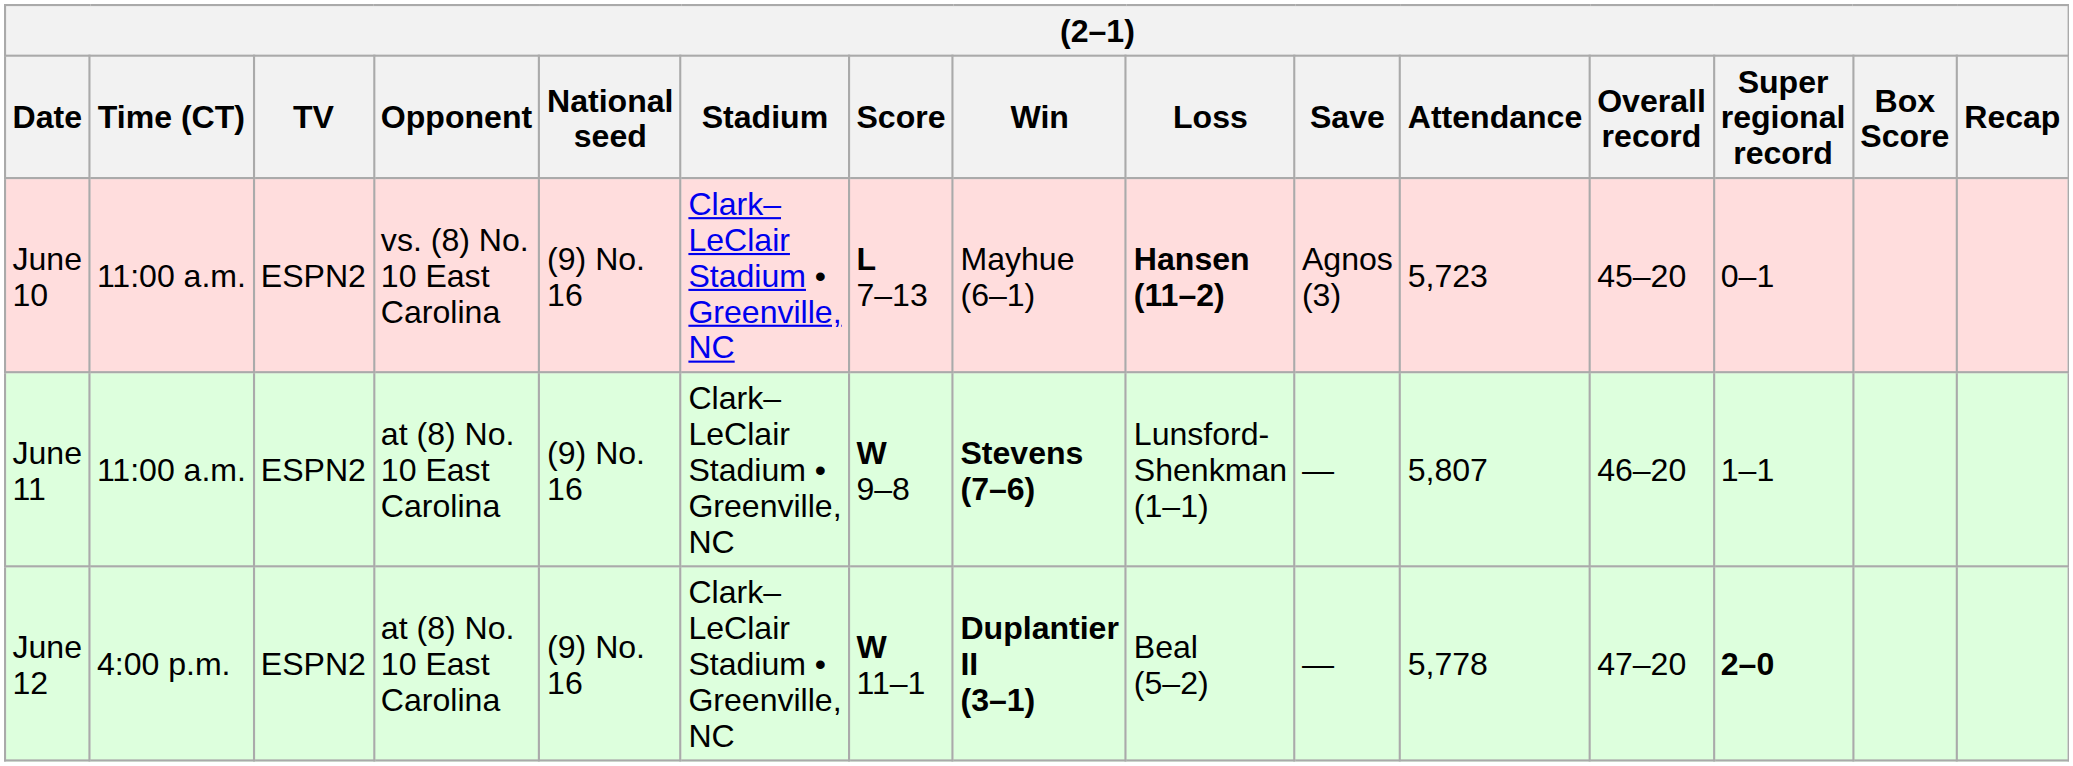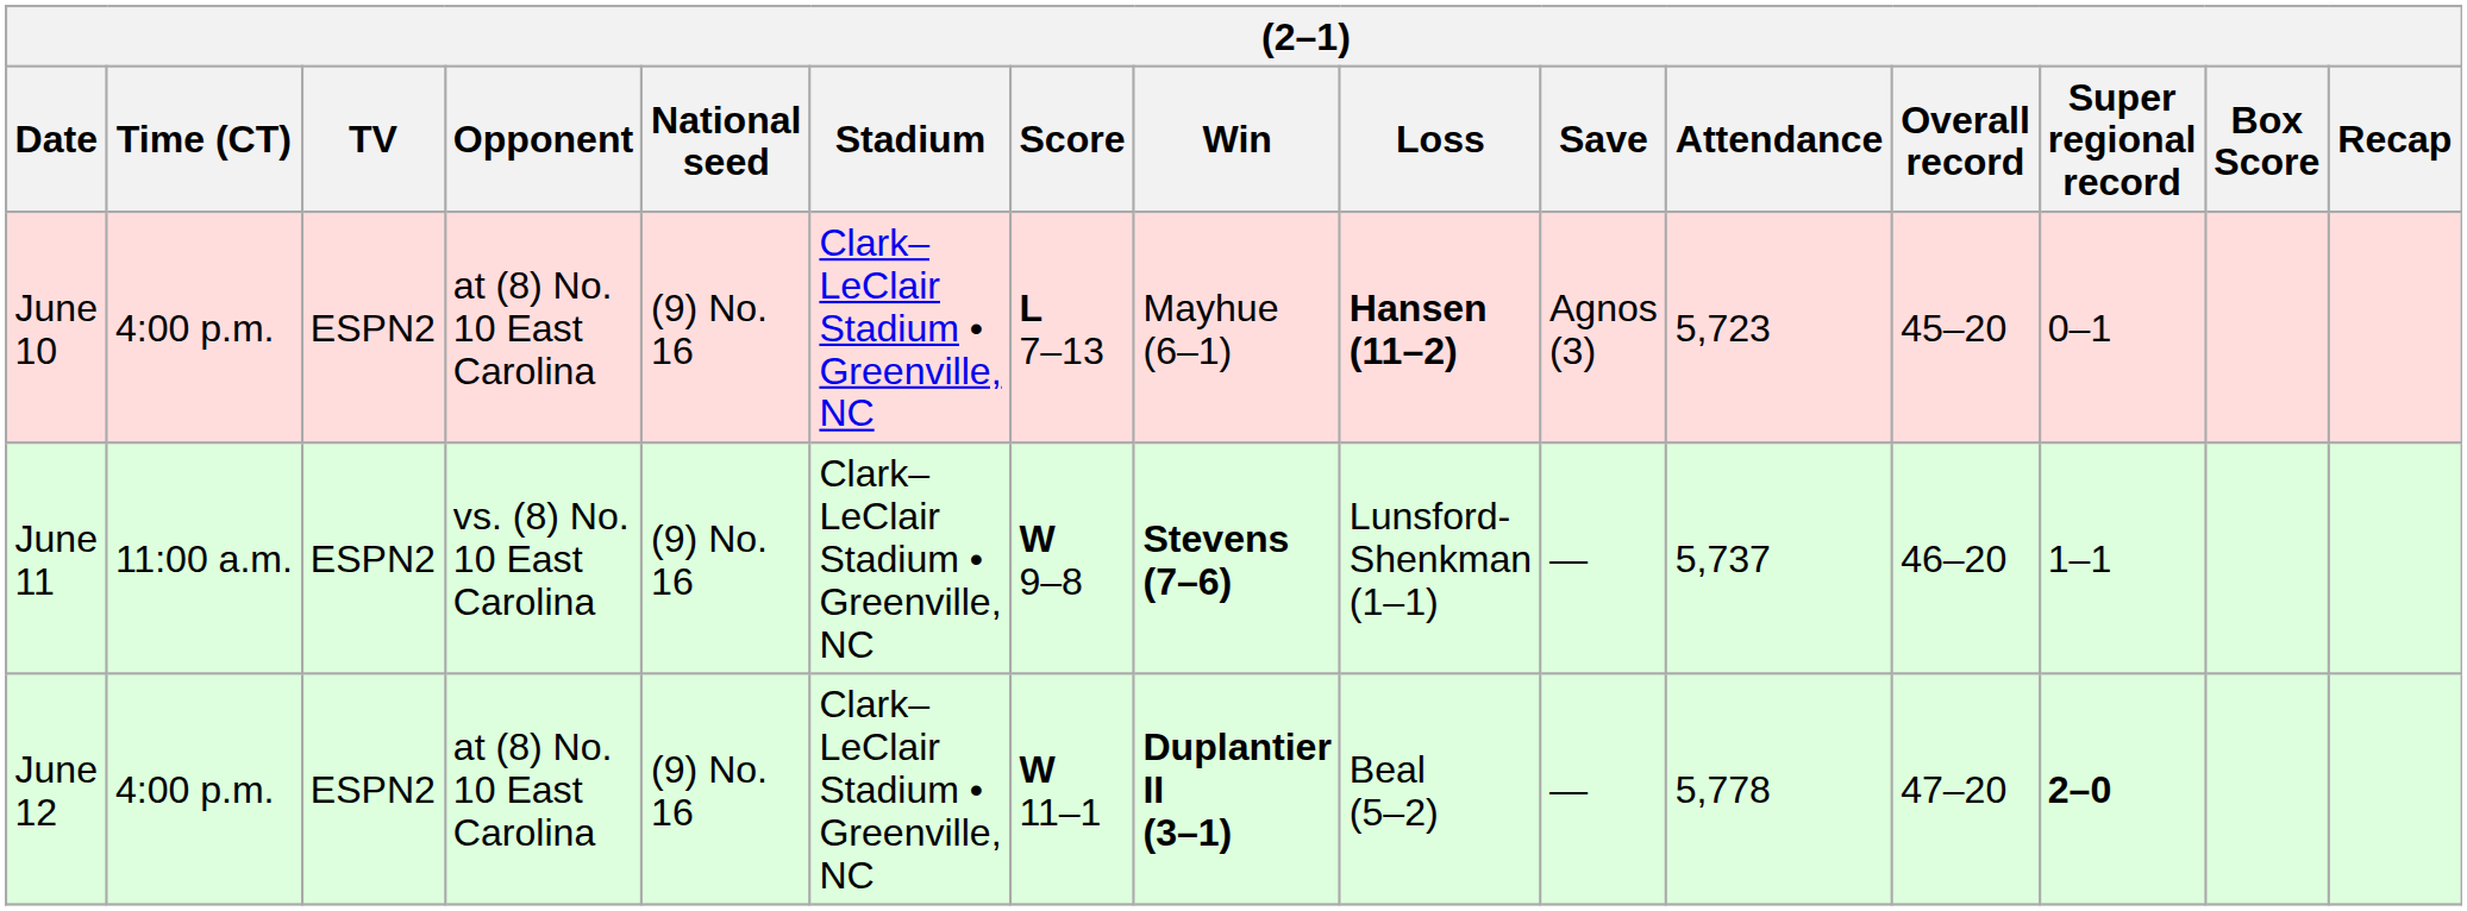 <table class="wikitable collapsible" style="margin:auto; font-size:95%; width:100%">
 <tr>
 <th colspan=15 style="padding-left:4em;"> (2–1)</th>
 </tr>
 <tr>
 <th>Date</th>
 <th>Time (CT)</th>
 <th>TV</th>
 <th>Opponent</th>
 <th>National seed</th>
 <th>Stadium</th>
 <th>Score</th>
 <th>Win</th>
 <th>Loss</th>
 <th>Save</th>
 <th>Attendance</th>
 <th>Overall record</th>
 <th>Super regional record</th>
 <th>Box Score</th>
 <th>Recap</th>
 </tr>
 <tr bgcolor=#ffdddd>
 <td>June 10</td>
-<td>11:00 a.m.</td>
+<td>4:00 p.m.</td>
 <td>ESPN2</td>
-<td>vs. (8) No. 10 East Carolina</td>
+<td>at (8) No. 10 East Carolina</td>
 <td>(9) No. 16</td>
 <td><a href='#'>Clark–LeClair Stadium</a> • <a href='#'>Greenville, NC</a></td>
 <td><strong>L</strong><br>7–13</td>
 <td>Mayhue<br>(6–1)</td>
 <td><strong>Hansen<br>(11–2)</strong></td>
 <td>Agnos<br>(3)</td>
 <td>5,723</td>
 <td>45–20</td>
 <td>0–1</td>
 <td></td>
 <td></td>
 </tr>
 <tr bgcolor=#ddffdd>
 <td>June 11</td>
 <td>11:00 a.m.</td>
 <td>ESPN2</td>
-<td>at (8) No. 10 East Carolina</td>
+<td>vs. (8) No. 10 East Carolina</td>
 <td>(9) No. 16</td>
 <td>Clark–LeClair Stadium • Greenville, NC</td>
 <td><strong>W</strong><br>9–8</td>
 <td><strong>Stevens<br>(7–6)</strong></td>
 <td>Lunsford-Shenkman<br>(1–1)</td>
 <td>—</td>
-<td>5,807</td>
+<td>5,737</td>
 <td>46–20</td>
 <td>1–1</td>
 <td></td>
 <td><br></td>
 </tr>
 <tr bgcolor=#ddffdd>
 <td>June 12</td>
 <td>4:00 p.m.</td>
 <td>ESPN2</td>
 <td>at (8) No. 10 East Carolina</td>
 <td>(9) No. 16</td>
 <td>Clark–LeClair Stadium • Greenville, NC</td>
 <td><strong>W</strong><br>11–1</td>
 <td><strong>Duplantier II<br>(3–1)</strong></td>
 <td>Beal<br>(5–2)</td>
 <td>—</td>
 <td>5,778</td>
 <td>47–20</td>
 <td><strong>2–0</strong></td>
 <td></td>
 <td><br></td>
 </tr>
 </table>
